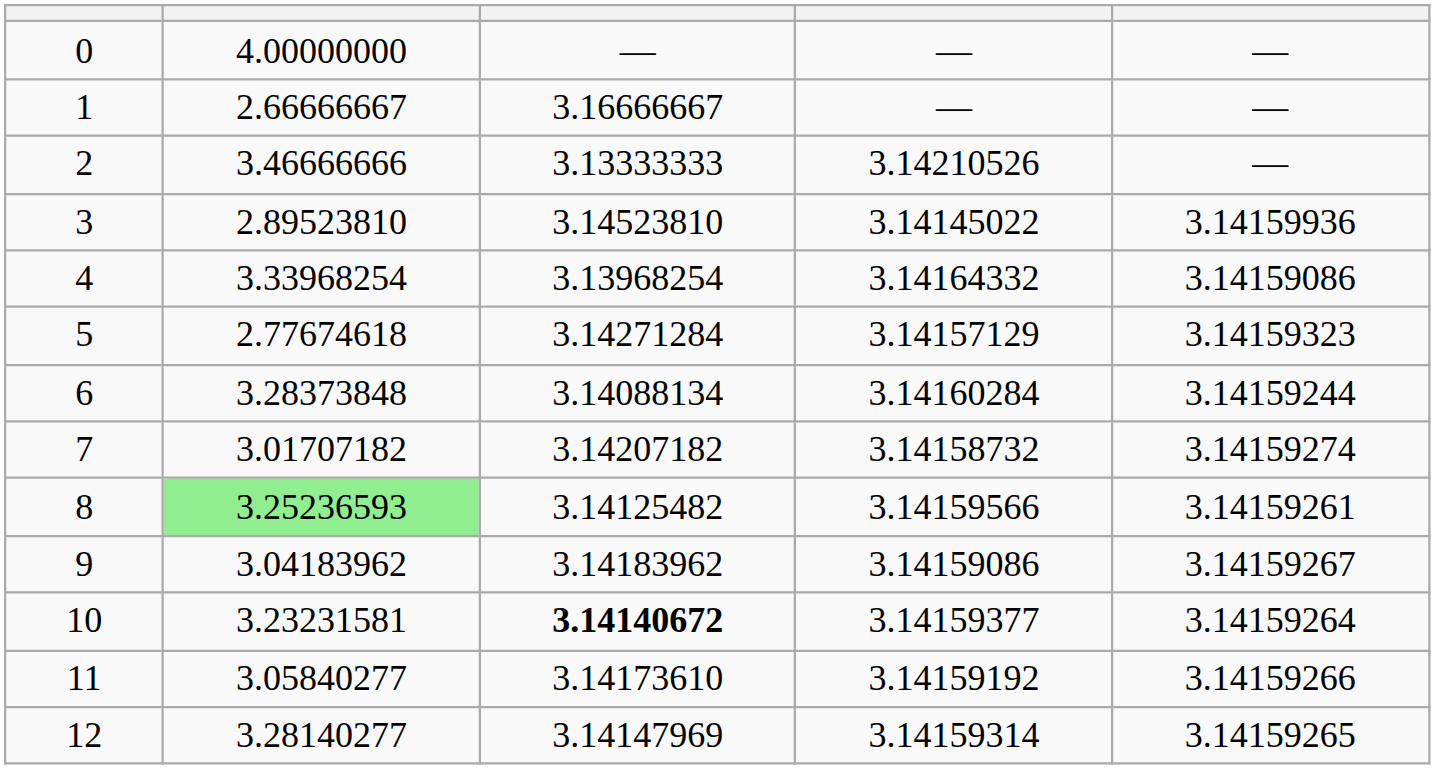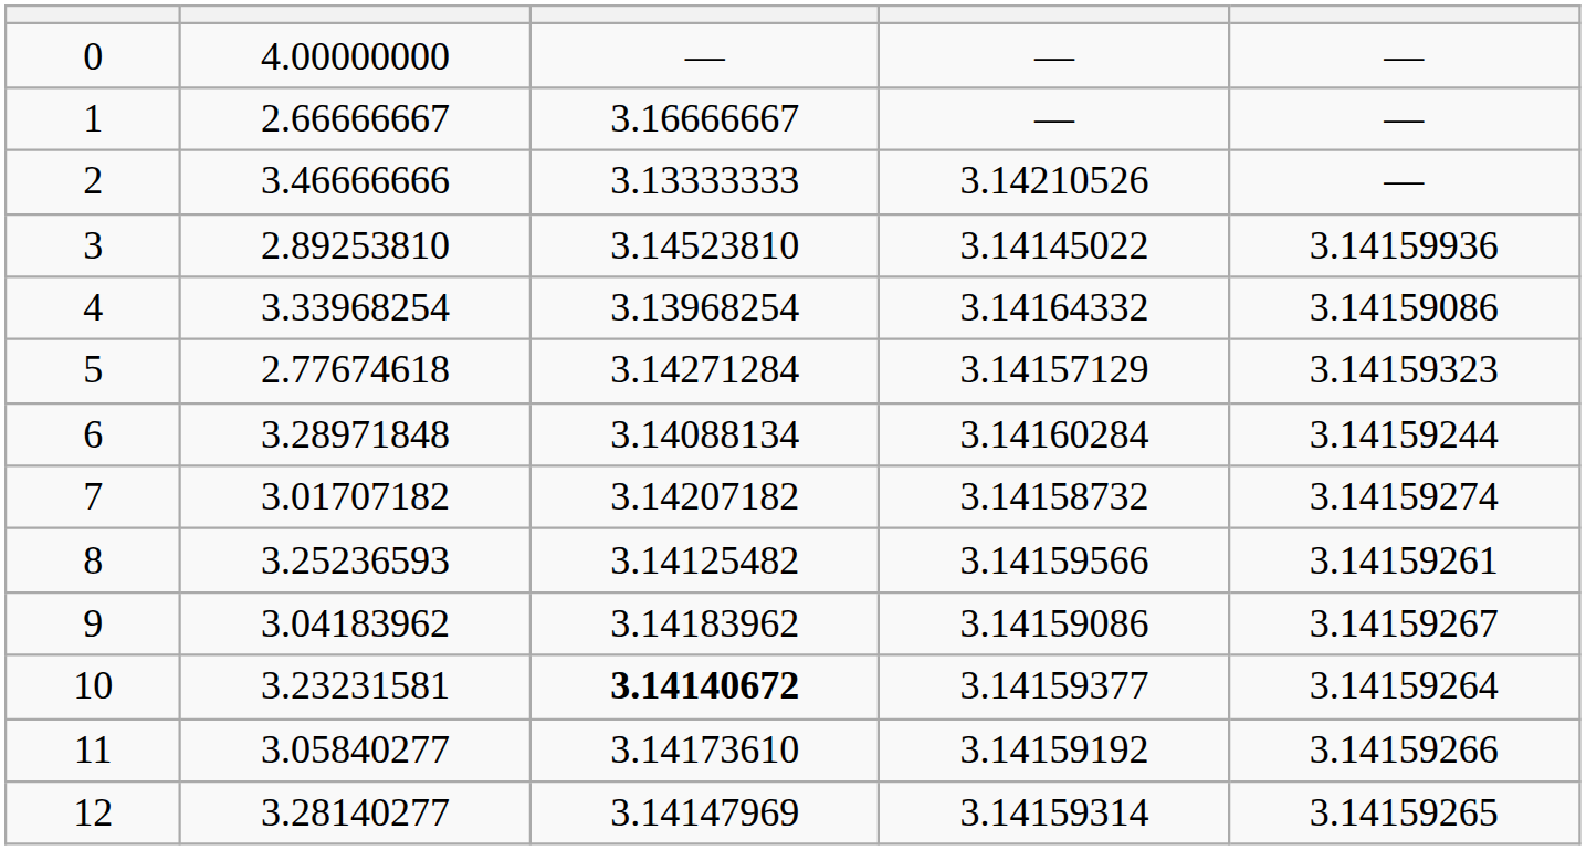 <table class="wikitable" style="text-align:center; width:40%">
 <tr>
 <th width="10%"></th>
 <th width="20%"></th>
 <th width="20%"></th>
 <th width="20%"></th>
 <th width="20%"></th>
 </tr>
 <tr>
 <td>0</td>
 <td>4.00000000</td>
 <td>—</td>
 <td>—</td>
 <td>—</td>
 </tr>
 <tr>
 <td>1</td>
 <td>2.66666667</td>
 <td>3.16666667</td>
 <td>—</td>
 <td>—</td>
 </tr>
 <tr>
 <td>2</td>
 <td>3.46666666</td>
 <td>3.13333333</td>
 <td>3.14210526</td>
 <td>—</td>
 </tr>
 <tr>
 <td>3</td>
-<td>2.89523810</td>
+<td>2.89253810</td>
 <td>3.14523810</td>
 <td>3.14145022</td>
 <td>3.14159936</td>
 </tr>
 <tr>
 <td>4</td>
 <td>3.33968254</td>
 <td>3.13968254</td>
 <td>3.14164332</td>
 <td>3.14159086</td>
 </tr>
 <tr>
 <td>5</td>
 <td>2.77674618</td>
 <td>3.14271284</td>
 <td>3.14157129</td>
 <td>3.14159323</td>
 </tr>
 <tr>
 <td>6</td>
-<td>3.28373848</td>
+<td>3.28971848</td>
 <td>3.14088134</td>
 <td>3.14160284</td>
 <td>3.14159244</td>
 </tr>
 <tr>
 <td>7</td>
 <td>3.01707182</td>
 <td>3.14207182</td>
 <td>3.14158732</td>
 <td>3.14159274</td>
 </tr>
 <tr>
 <td>8</td>
-<td style="background: lightgreen;">3.25236593</td>
+<td>3.25236593</td>
 <td>3.14125482</td>
 <td>3.14159566</td>
 <td>3.14159261</td>
 </tr>
 <tr>
 <td>9</td>
 <td>3.04183962</td>
 <td>3.14183962</td>
 <td>3.14159086</td>
 <td>3.14159267</td>
 </tr>
 <tr>
 <td>10</td>
 <td>3.23231581</td>
 <td><strong>3.14140672</strong></td>
 <td>3.14159377</td>
 <td>3.14159264</td>
 </tr>
 <tr>
 <td>11</td>
 <td>3.05840277</td>
 <td>3.14173610</td>
 <td>3.14159192</td>
 <td>3.14159266</td>
 </tr>
 <tr>
 <td>12</td>
 <td>3.28140277</td>
 <td>3.14147969</td>
 <td>3.14159314</td>
 <td>3.14159265</td>
 </tr>
 </table>
